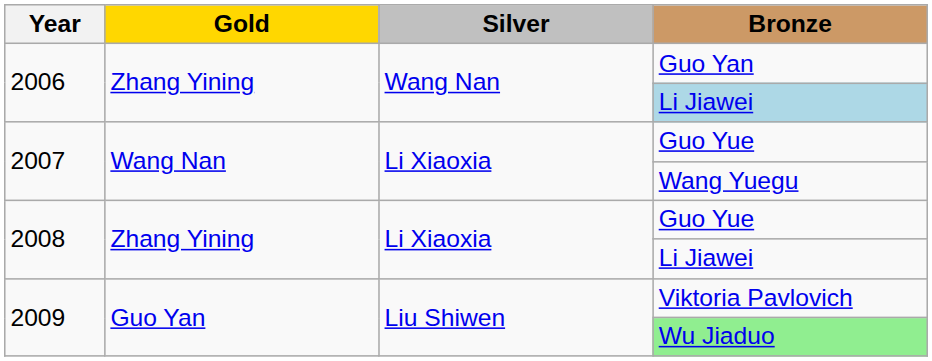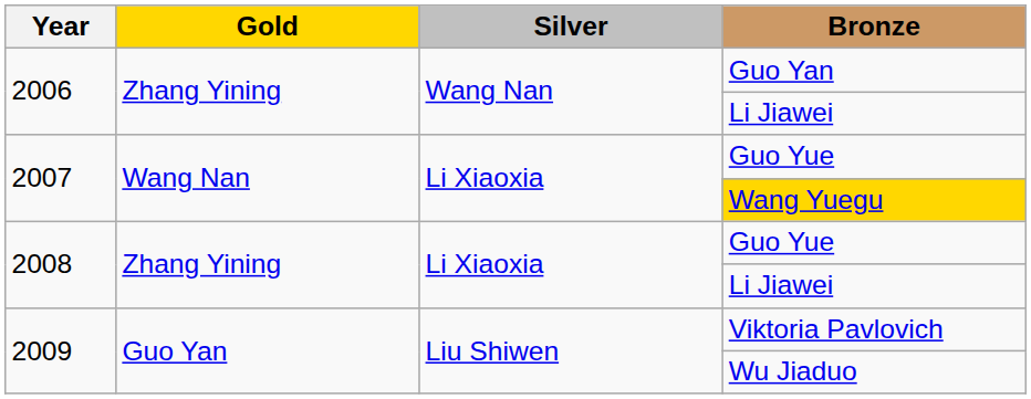 <table class="wikitable" style="text-align: left; width: 600px;">
 <tr>
 <th width="50">Year</th>
 <th width="150" style="background-color: gold">Gold</th>
 <th width="150" style="background-color: silver">Silver</th>
 <th width="150" style="background-color: #cc9966">Bronze</th>
 </tr>
 <tr>
 <td rowspan=2>2006</td>
 <td rowspan=2> <a href='#'>Zhang Yining</a></td>
 <td rowspan=2> <a href='#'>Wang Nan</a></td>
 <td> <a href='#'>Guo Yan</a></td>
 </tr>
 <tr>
-<td style="background: lightblue;"> <a href='#'>Li Jiawei</a></td>
+<td> <a href='#'>Li Jiawei</a></td>
 </tr>
 <tr>
 <td rowspan=2>2007</td>
 <td rowspan=2> <a href='#'>Wang Nan</a></td>
 <td rowspan=2> <a href='#'>Li Xiaoxia</a></td>
 <td> <a href='#'>Guo Yue</a></td>
 </tr>
 <tr>
-<td> <a href='#'>Wang Yuegu</a></td>
+<td style="background: gold;"> <a href='#'>Wang Yuegu</a></td>
 </tr>
 <tr>
 <td rowspan=2>2008</td>
 <td rowspan=2> <a href='#'>Zhang Yining</a></td>
 <td rowspan=2> <a href='#'>Li Xiaoxia</a></td>
 <td> <a href='#'>Guo Yue</a></td>
 </tr>
 <tr>
 <td> <a href='#'>Li Jiawei</a></td>
 </tr>
 <tr>
 <td rowspan=2>2009</td>
 <td rowspan=2> <a href='#'>Guo Yan</a></td>
 <td rowspan=2> <a href='#'>Liu Shiwen</a></td>
 <td> <a href='#'>Viktoria Pavlovich</a></td>
 </tr>
 <tr>
-<td style="background: lightgreen;"> <a href='#'>Wu Jiaduo</a></td>
+<td> <a href='#'>Wu Jiaduo</a></td>
 </tr>
 </table>
